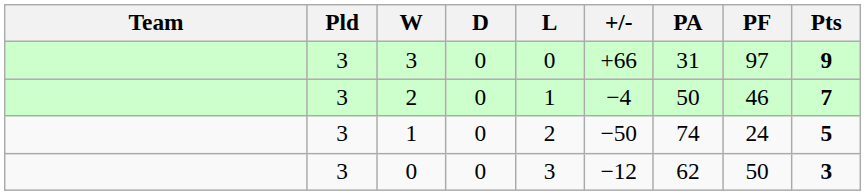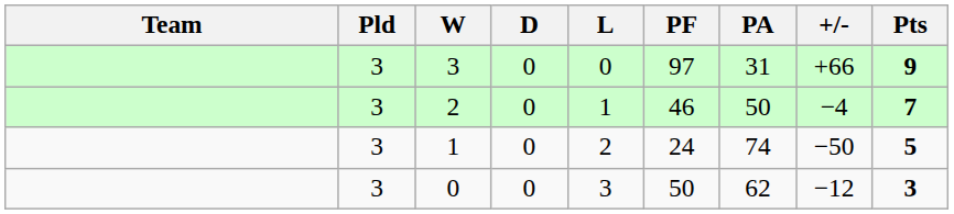 <table class="wikitable" style="text-align: center;">
 <tr>
 <th width="200">Team</th>
 <th width="40">Pld</th>
 <th width="40">W</th>
 <th width="40">D</th>
 <th width="40">L</th>
+<th width="40">PF</th>
+<th width="40">PA</th>
 <th width="40">+/-</th>
-<th width="40">PA</th>
-<th width="40">PF</th>
 <th width="40">Pts</th>
 </tr>
 <tr style="background-color:#ccffcc">
 <td style="text-align:left;"></td>
 <td>3</td>
 <td>3</td>
 <td>0</td>
 <td>0</td>
+<td>97</td>
+<td>31</td>
 <td>+66</td>
-<td>31</td>
-<td>97</td>
 <td><strong>9</strong></td>
 </tr>
 <tr style="background-color:#ccffcc">
 <td style="text-align:left;"></td>
 <td>3</td>
 <td>2</td>
 <td>0</td>
 <td>1</td>
+<td>46</td>
+<td>50</td>
 <td>−4</td>
-<td>50</td>
-<td>46</td>
 <td><strong>7</strong></td>
 </tr>
 <tr>
 <td style="text-align:left;"></td>
 <td>3</td>
 <td>1</td>
 <td>0</td>
 <td>2</td>
+<td>24</td>
+<td>74</td>
 <td>−50</td>
-<td>74</td>
-<td>24</td>
 <td><strong>5</strong></td>
 </tr>
 <tr>
 <td style="text-align:left;"></td>
 <td>3</td>
 <td>0</td>
 <td>0</td>
 <td>3</td>
+<td>50</td>
+<td>62</td>
 <td>−12</td>
-<td>62</td>
-<td>50</td>
 <td><strong>3</strong></td>
 </tr>
 </table>
